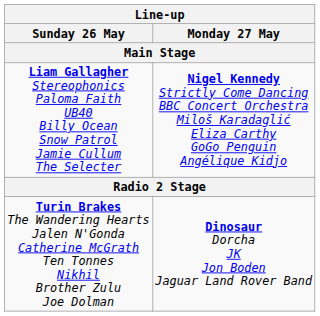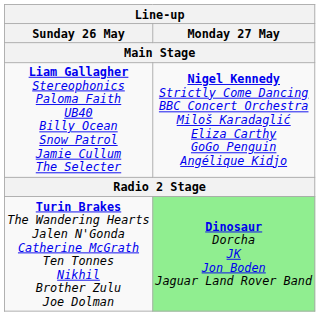 <table class="wikitable collapsible" style="text-align:center;">
 <tr>
 <th colspan="2">Line-up</th>
 </tr>
 <tr>
 <th>Sunday 26 May</th>
 <th>Monday 27 May</th>
 </tr>
 <tr>
 <th colspan="2">Main Stage</th>
 </tr>
 <tr>
 <td><strong><a href='#'>Liam Gallagher</a></strong><br> <em><a href='#'>Stereophonics</a></em> <br> <em><a href='#'>Paloma Faith</a></em> <br> <em><a href='#'>UB40</a></em> <br> <em><a href='#'>Billy Ocean</a></em> <br> <em><a href='#'>Snow Patrol</a></em> <br> <em><a href='#'>Jamie Cullum</a></em> <br> <em><a href='#'>The Selecter</a></em></td>
 <td><strong><a href='#'>Nigel Kennedy</a></strong><br> <em><a href='#'>Strictly Come Dancing</a></em> <br> <em><a href='#'>BBC Concert Orchestra</a></em> <br> <em><a href='#'>Miloš Karadaglić</a></em> <br> <em><a href='#'>Eliza Carthy</a></em> <br> <em><a href='#'>GoGo Penguin</a></em> <br> <em><a href='#'>Angélique Kidjo</a></em></td>
 </tr>
 <tr>
 <th colspan="2">Radio 2 Stage</th>
 </tr>
 <tr>
 <td><strong><a href='#'>Turin Brakes</a></strong><br> <em>The Wandering Hearts</em> <br> <em>Jalen N'Gonda</em> <br> <em><a href='#'>Catherine McGrath</a></em> <br> <em>Ten Tonnes</em> <br> <em><a href='#'>Nikhil</a></em> <br> <em>Brother Zulu</em> <br> <em>Joe Dolman</em></td>
-<td><strong><a href='#'>Dinosaur</a></strong><br> <em>Dorcha</em> <br> <em><a href='#'>JK</a></em> <br> <em><a href='#'>Jon Boden</a></em> <br> <em>Jaguar Land Rover Band</em></td>
+<td style="background: lightgreen;"><strong><a href='#'>Dinosaur</a></strong><br> <em>Dorcha</em> <br> <em><a href='#'>JK</a></em> <br> <em><a href='#'>Jon Boden</a></em> <br> <em>Jaguar Land Rover Band</em></td>
 </tr>
 </table>
